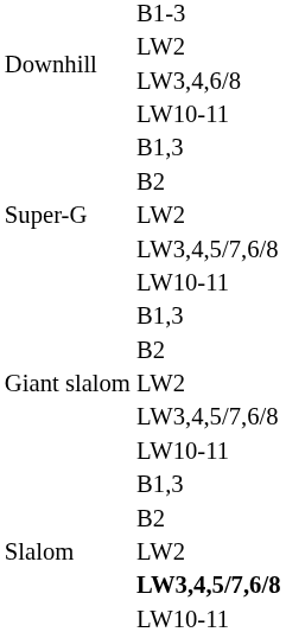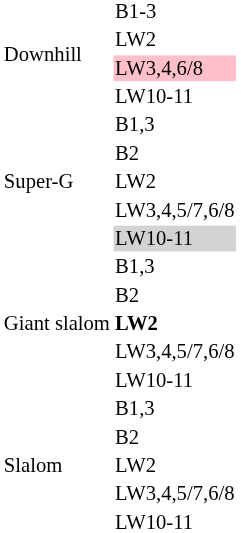 <table>
 <tr>
 <td rowspan="4">Downhill</td>
 <td>B1-3<br></td>
 <td></td>
 <td></td>
 <td></td>
 </tr>
 <tr>
 <td>LW2<br></td>
 <td></td>
 <td></td>
 <td></td>
 </tr>
 <tr>
-<td>LW3,4,6/8<br></td>
+<td style="background: pink;">LW3,4,6/8<br></td>
 <td></td>
 <td></td>
 <td></td>
 </tr>
 <tr>
 <td>LW10-11<br></td>
 <td></td>
 <td></td>
 <td></td>
 </tr>
 <tr>
 <td rowspan="5">Super-G</td>
 <td>B1,3<br></td>
 <td></td>
 <td></td>
 <td></td>
 </tr>
 <tr>
 <td>B2<br></td>
 <td></td>
 <td></td>
 <td></td>
 </tr>
 <tr>
 <td>LW2<br></td>
 <td></td>
 <td></td>
 <td></td>
 </tr>
 <tr>
 <td>LW3,4,5/7,6/8<br></td>
 <td></td>
 <td></td>
 <td></td>
 </tr>
 <tr>
-<td>LW10-11<br></td>
+<td style="background: lightgrey;">LW10-11<br></td>
 <td></td>
 <td></td>
 <td></td>
 </tr>
 <tr>
 <td rowspan="5">Giant slalom</td>
 <td>B1,3<br></td>
 <td></td>
 <td></td>
 <td></td>
 </tr>
 <tr>
 <td>B2<br></td>
 <td></td>
 <td></td>
 <td></td>
 </tr>
 <tr>
-<td>LW2<br></td>
+<td><strong>LW2<br></strong></td>
 <td></td>
 <td></td>
 <td></td>
 </tr>
 <tr>
 <td>LW3,4,5/7,6/8<br></td>
 <td></td>
 <td></td>
 <td></td>
 </tr>
 <tr>
 <td>LW10-11<br></td>
 <td></td>
 <td></td>
 <td></td>
 </tr>
 <tr>
 <td rowspan="5">Slalom</td>
 <td>B1,3<br></td>
 <td></td>
 <td></td>
 <td></td>
 </tr>
 <tr>
 <td>B2<br></td>
 <td></td>
 <td></td>
 <td></td>
 </tr>
 <tr>
 <td>LW2<br></td>
 <td></td>
 <td></td>
 <td></td>
 </tr>
 <tr>
-<td><strong>LW3,4,5/7,6/8<br></strong></td>
+<td>LW3,4,5/7,6/8<br></td>
 <td></td>
 <td></td>
 <td></td>
 </tr>
 <tr>
 <td>LW10-11<br></td>
 <td></td>
 <td></td>
 <td></td>
 </tr>
 </table>
